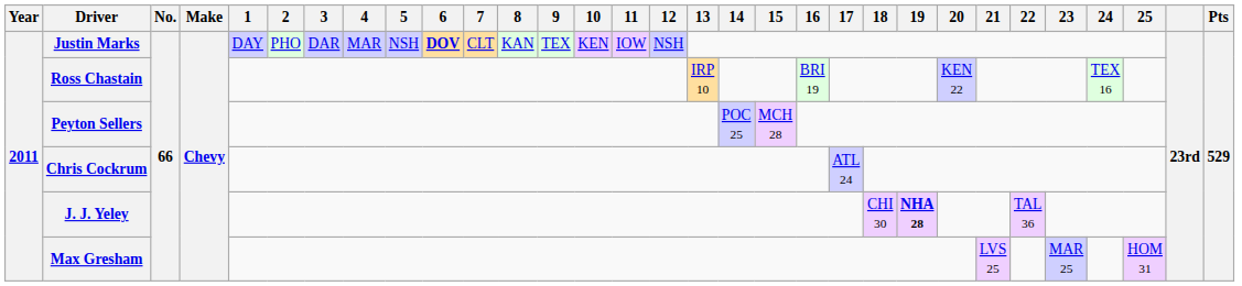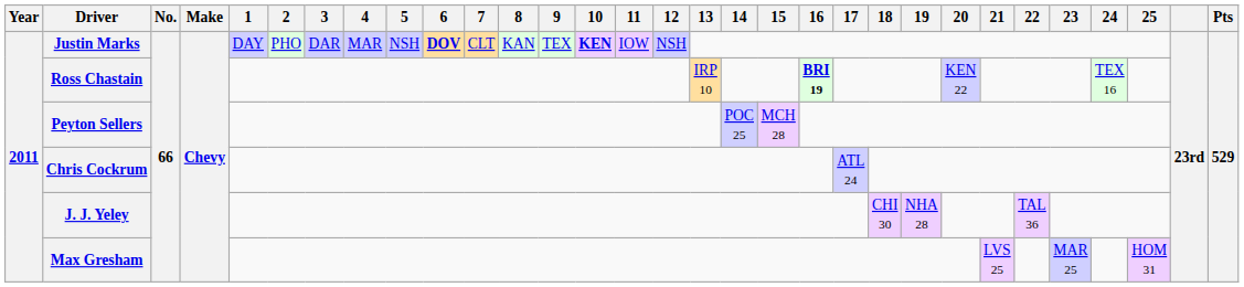 <table class="wikitable" style="text-align:center; font-size:75%">
 <tr>
 <th>Year</th>
 <th>Driver</th>
 <th>No.</th>
 <th>Make</th>
 <th>1</th>
 <th>2</th>
 <th>3</th>
 <th>4</th>
 <th>5</th>
 <th>6</th>
 <th>7</th>
 <th>8</th>
 <th>9</th>
 <th>10</th>
 <th>11</th>
 <th>12</th>
 <th>13</th>
 <th>14</th>
 <th>15</th>
 <th>16</th>
 <th>17</th>
 <th>18</th>
 <th>19</th>
 <th>20</th>
 <th>21</th>
 <th>22</th>
 <th>23</th>
 <th>24</th>
 <th>25</th>
 <th></th>
 <th>Pts</th>
 </tr>
 <tr>
 <th rowspan=6><a href='#'>2011</a></th>
 <th><a href='#'>Justin Marks</a></th>
 <th rowspan=6>66</th>
 <th rowspan=6><a href='#'>Chevy</a></th>
 <td style="background:#CFCFFF;"><a href='#'>DAY</a><br></td>
 <td style="background:#DFFFDF;"><a href='#'>PHO</a><br></td>
 <td style="background:#CFCFFF;"><a href='#'>DAR</a><br></td>
 <td style="background:#CFCFFF;"><a href='#'>MAR</a><br></td>
 <td style="background:#CFCFFF;"><a href='#'>NSH</a><br></td>
 <td style="background:#FFDF9F;"><strong><a href='#'>DOV</a></strong><br></td>
 <td style="background:#FFDF9F;"><a href='#'>CLT</a><br></td>
 <td style="background:#DFFFDF;"><a href='#'>KAN</a><br></td>
 <td style="background:#DFFFDF;"><a href='#'>TEX</a><br></td>
-<td style="background:#EFCFFF;"><a href='#'>KEN</a><br></td>
+<td style="background:#EFCFFF;"><strong><a href='#'>KEN</a><br></strong></td>
 <td style="background:#EFCFFF;"><a href='#'>IOW</a><br></td>
 <td style="background:#CFCFFF;"><a href='#'>NSH</a><br></td>
 <td colspan=13></td>
 <th rowspan=6>23rd</th>
 <th rowspan=6>529</th>
 </tr>
 <tr>
 <th><a href='#'>Ross Chastain</a></th>
 <td colspan=12></td>
 <td style="background:#FFDF9F;"><a href='#'>IRP</a><br><small>10</small></td>
 <td colspan=2></td>
-<td style="background:#DFFFDF;"><a href='#'>BRI</a><br><small>19</small></td>
+<td style="background:#DFFFDF;"><strong><a href='#'>BRI</a><br><small>19</small></strong></td>
 <td colspan=3></td>
 <td style="background:#CFCFFF;"><a href='#'>KEN</a><br><small>22</small></td>
 <td colspan=3></td>
 <td style="background:#DFFFDF;"><a href='#'>TEX</a><br><small>16</small></td>
 <td></td>
 </tr>
 <tr>
 <th><a href='#'>Peyton Sellers</a></th>
 <td colspan=13></td>
 <td style="background:#CFCFFF;"><a href='#'>POC</a><br><small>25</small></td>
 <td style="background:#EFCFFF;"><a href='#'>MCH</a><br><small>28</small></td>
 <td colspan=10></td>
 </tr>
 <tr>
 <th><a href='#'>Chris Cockrum</a></th>
 <td colspan=16></td>
 <td style="background:#CFCFFF;"><a href='#'>ATL</a><br><small>24</small></td>
 <td colspan=8></td>
 </tr>
 <tr>
 <th><a href='#'>J. J. Yeley</a></th>
 <td colspan=17></td>
 <td style="background:#EFCFFF;"><a href='#'>CHI</a><br><small>30</small></td>
-<td style="background:#EFCFFF;"><strong><a href='#'>NHA</a><br><small>28</small></strong></td>
+<td style="background:#EFCFFF;"><a href='#'>NHA</a><br><small>28</small></td>
 <td colspan=2></td>
 <td style="background:#EFCFFF;"><a href='#'>TAL</a><br><small>36</small></td>
 <td colspan=3></td>
 </tr>
 <tr>
 <th><a href='#'>Max Gresham</a></th>
 <td colspan=20></td>
 <td style="background:#EFCFFF;"><a href='#'>LVS</a><br><small>25</small></td>
 <td></td>
 <td style="background:#CFCFFF;"><a href='#'>MAR</a><br><small>25</small></td>
 <td></td>
 <td style="background:#EFCFFF;"><a href='#'>HOM</a><br><small>31</small></td>
 </tr>
 </table>
